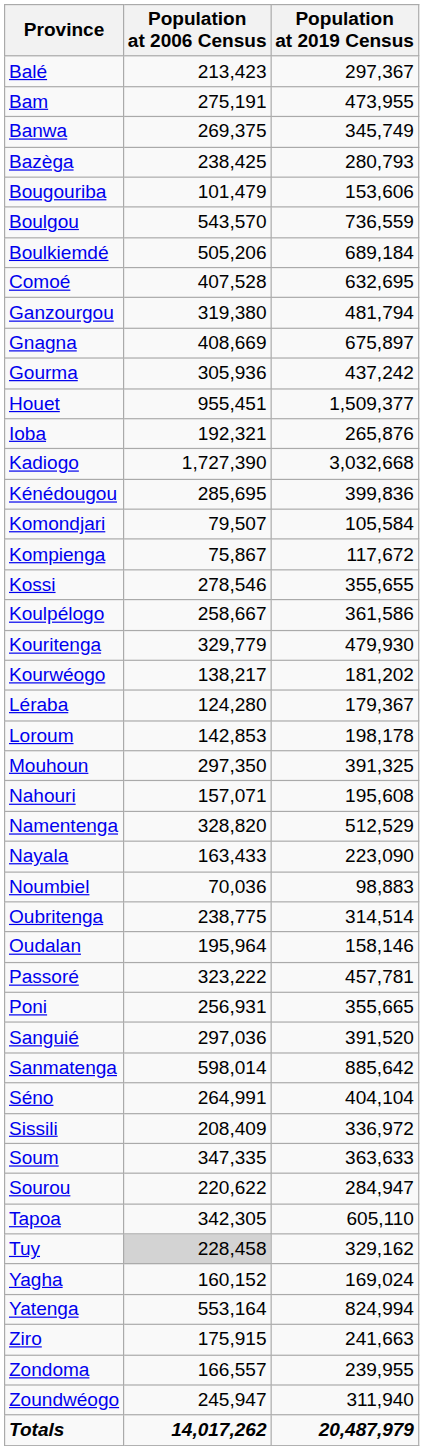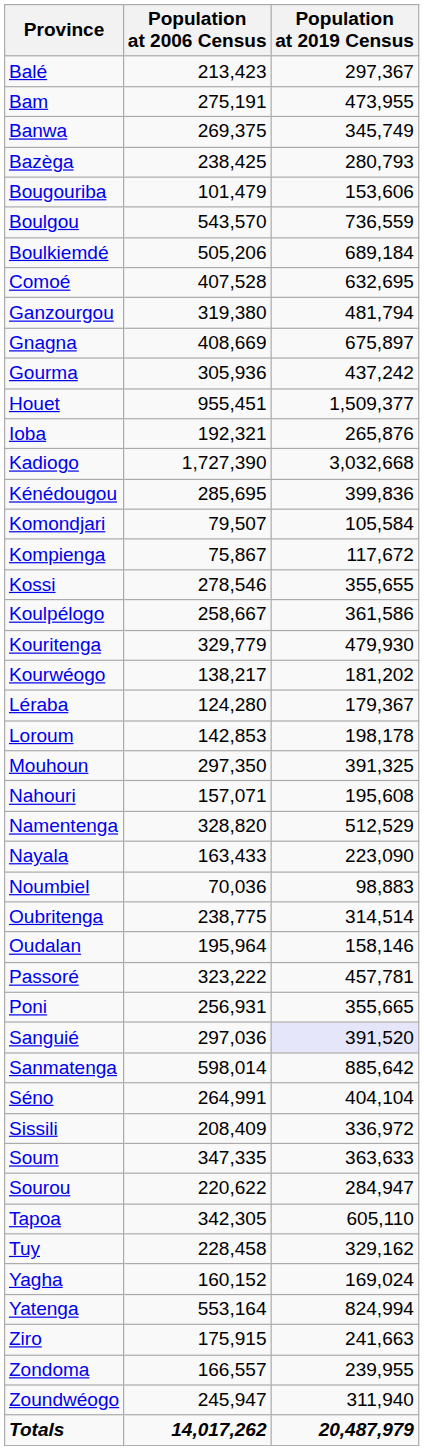 <table class="wikitable sortable">
 <tr>
 <th>Province</th>
 <th>Population <br> at 2006 Census </th>
 <th>Population <br> at 2019 Census </th>
 </tr>
 <tr>
 <td><a href='#'>Balé</a></td>
 <td align="right">213,423</td>
 <td align="right">297,367</td>
 </tr>
 <tr>
 <td><a href='#'>Bam</a></td>
 <td align="right">275,191</td>
 <td align="right">473,955</td>
 </tr>
 <tr>
 <td><a href='#'>Banwa</a></td>
 <td align="right">269,375</td>
 <td align="right">345,749</td>
 </tr>
 <tr>
 <td><a href='#'>Bazèga</a></td>
 <td align="right">238,425</td>
 <td align="right">280,793</td>
 </tr>
 <tr>
 <td><a href='#'>Bougouriba</a></td>
 <td align="right">101,479</td>
 <td align="right">153,606</td>
 </tr>
 <tr>
 <td><a href='#'>Boulgou</a></td>
 <td align="right">543,570</td>
 <td align="right">736,559</td>
 </tr>
 <tr>
 <td><a href='#'>Boulkiemdé</a></td>
 <td align="right">505,206</td>
 <td align="right">689,184</td>
 </tr>
 <tr>
 <td><a href='#'>Comoé</a></td>
 <td align="right">407,528</td>
 <td align="right">632,695</td>
 </tr>
 <tr>
 <td><a href='#'>Ganzourgou</a></td>
 <td align="right">319,380</td>
 <td align="right">481,794</td>
 </tr>
 <tr>
 <td><a href='#'>Gnagna</a></td>
 <td align="right">408,669</td>
 <td align="right">675,897</td>
 </tr>
 <tr>
 <td><a href='#'>Gourma</a></td>
 <td align="right">305,936</td>
 <td align="right">437,242</td>
 </tr>
 <tr>
 <td><a href='#'>Houet</a></td>
 <td align="right">955,451</td>
 <td align="right">1,509,377</td>
 </tr>
 <tr>
 <td><a href='#'>Ioba</a></td>
 <td align="right">192,321</td>
 <td align="right">265,876</td>
 </tr>
 <tr>
 <td><a href='#'>Kadiogo</a></td>
 <td align="right">1,727,390</td>
 <td align="right">3,032,668</td>
 </tr>
 <tr>
 <td><a href='#'>Kénédougou</a></td>
 <td align="right">285,695</td>
 <td align="right">399,836</td>
 </tr>
 <tr>
 <td><a href='#'>Komondjari</a></td>
 <td align="right">79,507</td>
 <td align="right">105,584</td>
 </tr>
 <tr>
 <td><a href='#'>Kompienga</a></td>
 <td align="right">75,867</td>
 <td align="right">117,672</td>
 </tr>
 <tr>
 <td><a href='#'>Kossi</a></td>
 <td align="right">278,546</td>
 <td align="right">355,655</td>
 </tr>
 <tr>
 <td><a href='#'>Koulpélogo</a></td>
 <td align="right">258,667</td>
 <td align="right">361,586</td>
 </tr>
 <tr>
 <td><a href='#'>Kouritenga</a></td>
 <td align="right">329,779</td>
 <td align="right">479,930</td>
 </tr>
 <tr>
 <td><a href='#'>Kourwéogo</a></td>
 <td align="right">138,217</td>
 <td align="right">181,202</td>
 </tr>
 <tr>
 <td><a href='#'>Léraba</a></td>
 <td align="right">124,280</td>
 <td align="right">179,367</td>
 </tr>
 <tr>
 <td><a href='#'>Loroum</a></td>
 <td align="right">142,853</td>
 <td align="right">198,178</td>
 </tr>
 <tr>
 <td><a href='#'>Mouhoun</a></td>
 <td align="right">297,350</td>
 <td align="right">391,325</td>
 </tr>
 <tr>
 <td><a href='#'>Nahouri</a></td>
 <td align="right">157,071</td>
 <td align="right">195,608</td>
 </tr>
 <tr>
 <td><a href='#'>Namentenga</a></td>
 <td align="right">328,820</td>
 <td align="right">512,529</td>
 </tr>
 <tr>
 <td><a href='#'>Nayala</a></td>
 <td align="right">163,433</td>
 <td align="right">223,090</td>
 </tr>
 <tr>
 <td><a href='#'>Noumbiel</a></td>
 <td align="right">70,036</td>
 <td align="right">98,883</td>
 </tr>
 <tr>
 <td><a href='#'>Oubritenga</a></td>
 <td align="right">238,775</td>
 <td align="right">314,514</td>
 </tr>
 <tr>
 <td><a href='#'>Oudalan</a></td>
 <td align="right">195,964</td>
 <td align="right">158,146</td>
 </tr>
 <tr>
 <td><a href='#'>Passoré</a></td>
 <td align="right">323,222</td>
 <td align="right">457,781</td>
 </tr>
 <tr>
 <td><a href='#'>Poni</a></td>
 <td align="right">256,931</td>
 <td align="right">355,665</td>
 </tr>
 <tr>
 <td><a href='#'>Sanguié</a></td>
 <td align="right">297,036</td>
-<td align="right">391,520</td>
+<td align="right" style="background: lavender;">391,520</td>
 </tr>
 <tr>
 <td><a href='#'>Sanmatenga</a></td>
 <td align="right">598,014</td>
 <td align="right">885,642</td>
 </tr>
 <tr>
 <td><a href='#'>Séno</a></td>
 <td align="right">264,991</td>
 <td align="right">404,104</td>
 </tr>
 <tr>
 <td><a href='#'>Sissili</a></td>
 <td align="right">208,409</td>
 <td align="right">336,972</td>
 </tr>
 <tr>
 <td><a href='#'>Soum</a></td>
 <td align="right">347,335</td>
 <td align="right">363,633</td>
 </tr>
 <tr>
 <td><a href='#'>Sourou</a></td>
 <td align="right">220,622</td>
 <td align="right">284,947</td>
 </tr>
 <tr>
 <td><a href='#'>Tapoa</a></td>
 <td align="right">342,305</td>
 <td align="right">605,110</td>
 </tr>
 <tr>
 <td><a href='#'>Tuy</a></td>
-<td align="right" style="background: lightgrey;">228,458</td>
+<td align="right">228,458</td>
 <td align="right">329,162</td>
 </tr>
 <tr>
 <td><a href='#'>Yagha</a></td>
 <td align="right">160,152</td>
 <td align="right">169,024</td>
 </tr>
 <tr>
 <td><a href='#'>Yatenga</a></td>
 <td align="right">553,164</td>
 <td align="right">824,994</td>
 </tr>
 <tr>
 <td><a href='#'>Ziro</a></td>
 <td align="right">175,915</td>
 <td align="right">241,663</td>
 </tr>
 <tr>
 <td><a href='#'>Zondoma</a></td>
 <td align="right">166,557</td>
 <td align="right">239,955</td>
 </tr>
 <tr>
 <td><a href='#'>Zoundwéogo</a></td>
 <td align="right">245,947</td>
 <td align="right">311,940</td>
 </tr>
 <tr>
 <td><strong><em>Totals</em></strong></td>
 <td align="right"><strong><em>14,017,262</em></strong></td>
 <td align="right"><strong><em>20,487,979</em></strong></td>
 </tr>
 </table>
